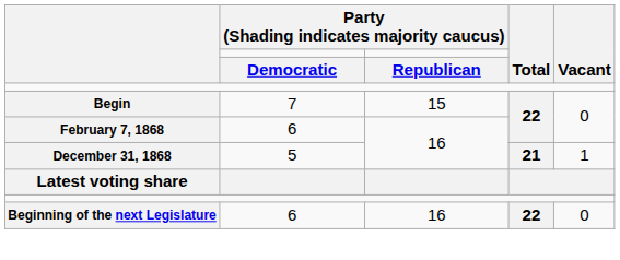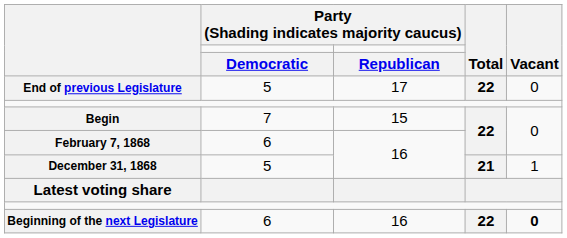 <table class=wikitable style="text-align:center">
 <tr style="vertical-align:bottom;">
 <th rowspan=3></th>
 <th colspan=2>Party <div>(Shading indicates majority caucus)</div></th>
 <th rowspan=3>Total</th>
 <th rowspan=3>Vacant</th>
 </tr>
 <tr style="height:5px">
 <td style="background-color:"></td>
 <td style="background-color:"></td>
 </tr>
 <tr>
 <th><a href='#'>Democratic</a></th>
 <th><a href='#'>Republican</a></th>
+</tr>
+<tr>
+<th style="white-space:nowrap; font-size:80%;">End of <a href='#'>previous Legislature</a></th>
+<td>5</td>
+<td>17</td>
+<th>22</th>
+<td>0</td>
 </tr>
 <tr>
 <td colspan=5></td>
 </tr>
 <tr>
 <th style="font-size:80%">Begin</th>
 <td>7</td>
 <td>15</td>
 <th rowspan=2>22</th>
 <td rowspan=2>0</td>
 </tr>
 <tr>
 <th style="font-size:80%">February 7, 1868 </th>
 <td>6</td>
 <td rowspan=2 >16</td>
 </tr>
 <tr>
 <th style="font-size:80%">December 31, 1868 </th>
 <td>5</td>
 <th>21</th>
 <td>1</td>
 </tr>
 <tr>
 <th>Latest voting share</th>
 <th></th>
 <th></th>
 <th colspan=2></th>
 </tr>
 <tr>
 <td colspan=5></td>
 </tr>
 <tr>
 <th style="white-space:nowrap; font-size:80%;">Beginning of the <a href='#'>next Legislature</a></th>
 <td>6</td>
 <td>16</td>
 <th>22</th>
-<td>0</td>
+<td><strong>0</strong></td>
 </tr>
 </table>
